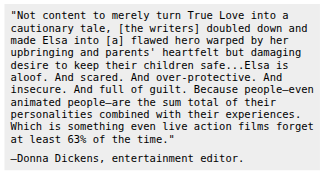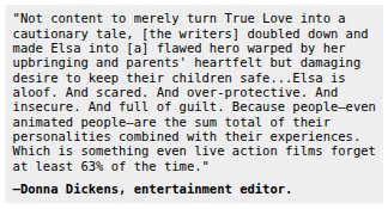 <table class="toccolours" style="float:right; margin-left:1em; margin-right:2em; font-size:85%; background:#eee; color:black; width:30em; max-width:40%;" cellspacing="5">
 <tr>
 <td style="text-align: left;">"Not content to merely turn True Love into a cautionary tale, [the writers] doubled down and made Elsa into [a] flawed hero warped by her upbringing and parents' heartfelt but damaging desire to keep their children safe...Elsa is aloof. And scared. And over-protective. And insecure. And full of guilt. Because people—even animated people—are the sum total of their personalities combined with their experiences. Which is something even live action films forget at least 63% of the time."</td>
 </tr>
 <tr>
-<td style="text-align: left;">—Donna Dickens, entertainment editor.</td>
+<td style="text-align: left;"><strong>—Donna Dickens, entertainment editor.</strong></td>
 </tr>
 </table>
